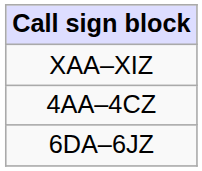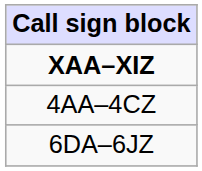 <table class=wikitable style="margin: 1em auto 1em auto;">
 <tr>
 <th style="background: #ddddff;">Call sign block</th>
 </tr>
 <tr>
-<td align="center">XAA–XIZ</td>
+<td align="center"><strong>XAA–XIZ</strong></td>
 </tr>
 <tr>
 <td align="center">4AA–4CZ</td>
 </tr>
 <tr>
 <td align="center">6DA–6JZ</td>
 </tr>
 </table>
